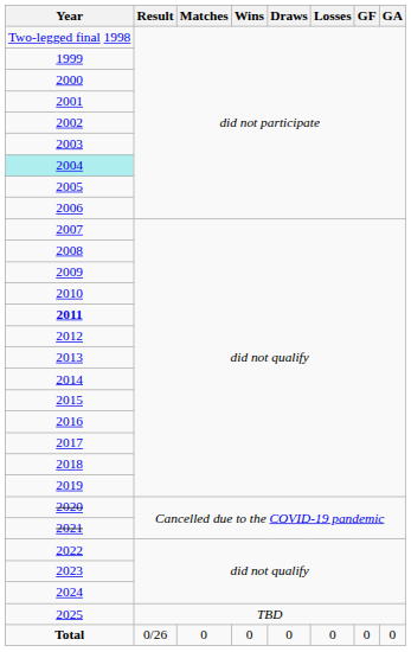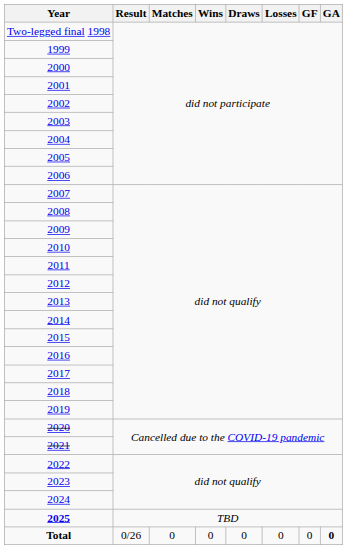 <table class="wikitable" style="text-align: center;">
 <tr>
 <th>Year</th>
 <th>Result</th>
 <th>Matches</th>
 <th>Wins</th>
 <th>Draws</th>
 <th>Losses</th>
 <th>GF</th>
 <th>GA</th>
 </tr>
 <tr>
 <td><a href='#'>Two-legged final</a> <a href='#'>1998</a></td>
 <td colspan=7 rowspan=9><em>did not participate</em></td>
 </tr>
 <tr>
 <td> <a href='#'>1999</a></td>
 </tr>
 <tr>
 <td> <a href='#'>2000</a></td>
 </tr>
 <tr>
 <td> <a href='#'>2001</a></td>
 </tr>
 <tr>
 <td> <a href='#'>2002</a></td>
 </tr>
 <tr>
 <td> <a href='#'>2003</a></td>
 </tr>
 <tr>
-<td style="background: paleturquoise;"> <a href='#'>2004</a></td>
+<td> <a href='#'>2004</a></td>
 </tr>
 <tr>
 <td> <a href='#'>2005</a></td>
 </tr>
 <tr>
 <td> <a href='#'>2006</a></td>
 </tr>
 <tr>
 <td> <a href='#'>2007</a></td>
 <td colspan=7 rowspan=13><em>did not qualify</em></td>
 </tr>
 <tr>
 <td> <a href='#'>2008</a></td>
 </tr>
 <tr>
 <td> <a href='#'>2009</a></td>
 </tr>
 <tr>
 <td> <a href='#'>2010</a></td>
 </tr>
 <tr>
-<td><strong> <a href='#'>2011</a></strong></td>
+<td> <a href='#'>2011</a></td>
 </tr>
 <tr>
 <td> <a href='#'>2012</a></td>
 </tr>
 <tr>
 <td> <a href='#'>2013</a></td>
 </tr>
 <tr>
 <td> <a href='#'>2014</a></td>
 </tr>
 <tr>
 <td> <a href='#'>2015</a></td>
 </tr>
 <tr>
 <td> <a href='#'>2016</a></td>
 </tr>
 <tr>
 <td> <a href='#'>2017</a></td>
 </tr>
 <tr>
 <td> <a href='#'>2018</a></td>
 </tr>
 <tr>
 <td> <a href='#'>2019</a></td>
 </tr>
 <tr>
 <td> <s><a href='#'>2020</a></s></td>
 <td colspan=7 rowspan=2><em>Cancelled due to the <a href='#'>COVID-19 pandemic</a></em></td>
 </tr>
 <tr>
 <td> <s><a href='#'>2021</a></s></td>
 </tr>
 <tr>
 <td> <a href='#'>2022</a></td>
 <td colspan=7 rowspan=3><em>did not qualify</em></td>
 </tr>
 <tr>
 <td> <a href='#'>2023</a></td>
 </tr>
 <tr>
 <td> <a href='#'>2024</a></td>
 </tr>
 <tr>
-<td> <a href='#'>2025</a></td>
+<td><strong> <a href='#'>2025</a></strong></td>
 <td colspan=8><em>TBD</em></td>
 </tr>
 <tr>
 <td><strong>Total</strong></td>
 <td>0/26</td>
 <td>0</td>
 <td>0</td>
 <td>0</td>
 <td>0</td>
 <td>0</td>
-<td>0</td>
+<td><strong>0</strong></td>
 </tr>
 </table>
